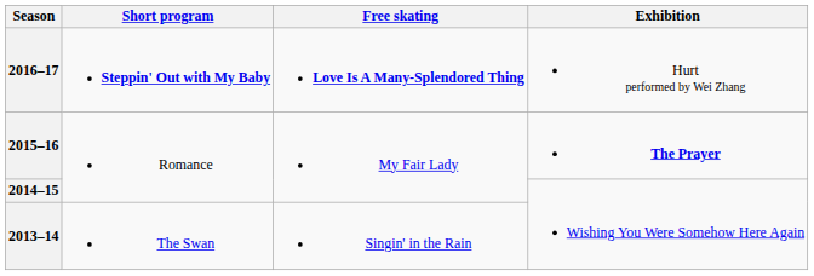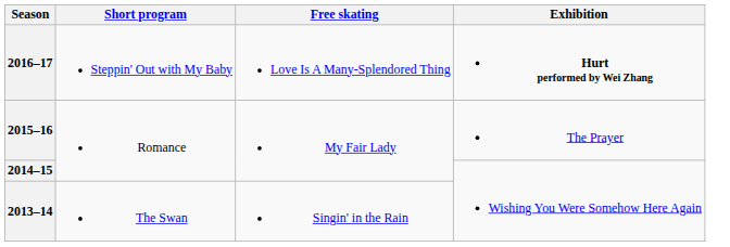 <table class=wikitable style=text-align:center>
 <tr>
 <th>Season</th>
 <th><a href='#'>Short program</a></th>
 <th><a href='#'>Free skating</a></th>
 <th>Exhibition</th>
 </tr>
 <tr>
 <th>2016–17 <br> </th>
-<td><strong><br><ul><li><a href='#'>Steppin' Out with My Baby</a> <br></li></ul></strong></td>
-<td><strong><br><ul><li><a href='#'>Love Is A Many-Splendored Thing</a> <br></li></ul></strong></td>
-<td><br><ul><li>Hurt<br><small>performed by Wei Zhang</small></li></ul></td>
+<td><br><ul><li><a href='#'>Steppin' Out with My Baby</a> <br></li></ul></td>
+<td><br><ul><li><a href='#'>Love Is A Many-Splendored Thing</a> <br></li></ul></td>
+<td><strong><br><ul><li>Hurt<br><small>performed by Wei Zhang</small></li></ul></strong></td>
 </tr>
 <tr>
 <th>2015–16 <br> </th>
 <td rowspan=2><br><ul><li>Romance <br></li></ul></td>
 <td rowspan=2><br><ul><li><a href='#'>My Fair Lady</a> <br></li></ul></td>
-<td><strong><br><ul><li><a href='#'>The Prayer</a>  <br></li></ul></strong></td>
+<td><br><ul><li><a href='#'>The Prayer</a>  <br></li></ul></td>
 </tr>
 <tr>
 <th>2014–15 <br> </th>
 <td rowspan=2><br><ul><li><a href='#'>Wishing You Were Somehow Here Again</a> <br></li></ul></td>
 </tr>
 <tr>
 <th>2013–14 <br> </th>
 <td><br><ul><li><a href='#'>The Swan</a> <br></li></ul></td>
 <td><br><ul><li><a href='#'>Singin' in the Rain</a> <br></li></ul></td>
 </tr>
 </table>
